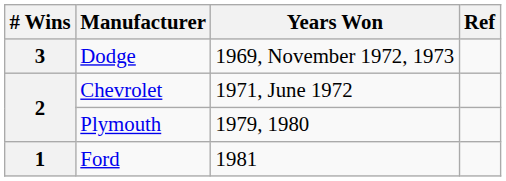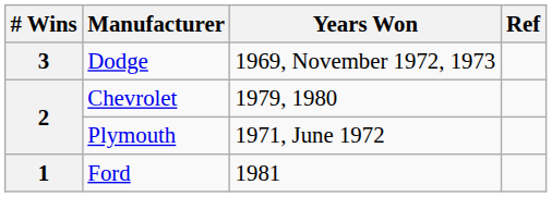 <table class="wikitable" style="font-size: 95%;">
 <tr>
 <th># Wins</th>
 <th>Manufacturer</th>
 <th>Years Won</th>
 <th>Ref</th>
 </tr>
 <tr>
 <th>3</th>
 <td><a href='#'>Dodge</a></td>
 <td>1969, November 1972, 1973</td>
 <td></td>
 </tr>
 <tr>
 <th rowspan=2>2</th>
 <td><a href='#'>Chevrolet</a></td>
-<td>1971, June 1972</td>
+<td>1979, 1980</td>
 <td></td>
 </tr>
 <tr>
 <td><a href='#'>Plymouth</a></td>
-<td>1979, 1980</td>
+<td>1971, June 1972</td>
 <td></td>
 </tr>
 <tr>
 <th>1</th>
 <td><a href='#'>Ford</a></td>
 <td>1981</td>
 <td></td>
 </tr>
 </table>
